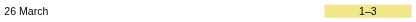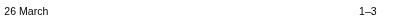 <table cellspacing=1 width=70%>
 <tr>
 <th width=25%></th>
 <th width=30%></th>
 <th width=15%></th>
 <th width=30%></th>
 </tr>
 <tr>
 <td>26 March</td>
 <td align=right></td>
-<td align=center style="background: khaki;">1–3</td>
+<td align=center>1–3</td>
 <td></td>
 </tr>
 </table>
